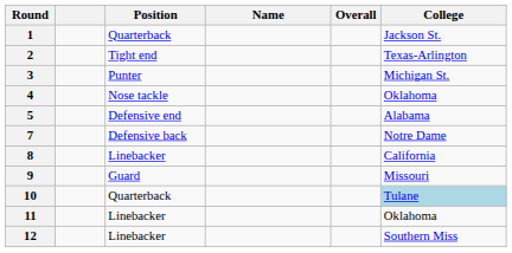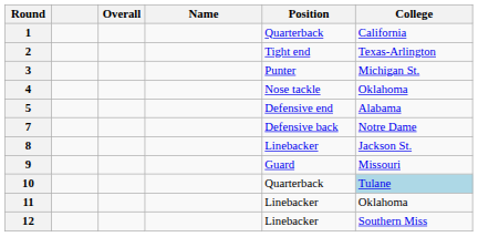 <table class="wikitable sortable" style="width: 50%;">
 <tr>
 <th scope="col" style="width: 10%;">Round</th>
 <th scope="col" style="width: 10%;"></th>
+<th scope="col" style="width: 10%;">Overall</th>
+<th scope="col" style="width: 25%;">Name</th>
 <th scope="col" style="width: 20%;">Position</th>
-<th scope="col" style="width: 25%;">Name</th>
-<th scope="col" style="width: 10%;">Overall</th>
 <th scope="col" style="width: 25%;">College</th>
 </tr>
 <tr>
 <th scope="row">1</th>
 <td></td>
-<td><a href='#'>Quarterback</a></td>
 <td></td>
 <td></td>
-<td><a href='#'>Jackson St.</a></td>
+<td><a href='#'>Quarterback</a></td>
+<td><a href='#'>California</a></td>
 </tr>
 <tr>
 <th scope="row">2</th>
 <td></td>
-<td><a href='#'>Tight end</a></td>
 <td></td>
 <td></td>
+<td><a href='#'>Tight end</a></td>
 <td><a href='#'>Texas-Arlington</a></td>
 </tr>
 <tr>
 <th scope="row">3</th>
 <td></td>
-<td><a href='#'>Punter</a></td>
 <td></td>
 <td></td>
+<td><a href='#'>Punter</a></td>
 <td><a href='#'>Michigan St.</a></td>
 </tr>
 <tr>
 <th scope="row">4</th>
 <td></td>
-<td><a href='#'>Nose tackle</a></td>
 <td></td>
 <td></td>
+<td><a href='#'>Nose tackle</a></td>
 <td><a href='#'>Oklahoma</a></td>
 </tr>
 <tr>
 <th scope="row">5</th>
 <td></td>
-<td><a href='#'>Defensive end</a></td>
 <td></td>
 <td></td>
+<td><a href='#'>Defensive end</a></td>
 <td><a href='#'>Alabama</a></td>
 </tr>
 <tr>
 <th scope="row">7</th>
 <td></td>
-<td><a href='#'>Defensive back</a></td>
 <td></td>
 <td></td>
+<td><a href='#'>Defensive back</a></td>
 <td><a href='#'>Notre Dame</a></td>
 </tr>
 <tr>
 <th scope="row">8</th>
 <td></td>
-<td><a href='#'>Linebacker</a></td>
 <td></td>
 <td></td>
-<td><a href='#'>California</a></td>
+<td><a href='#'>Linebacker</a></td>
+<td><a href='#'>Jackson St.</a></td>
 </tr>
 <tr>
 <th scope="row">9</th>
 <td></td>
-<td><a href='#'>Guard</a></td>
 <td></td>
 <td></td>
+<td><a href='#'>Guard</a></td>
 <td><a href='#'>Missouri</a></td>
 </tr>
 <tr>
 <th scope="row">10</th>
 <td></td>
-<td>Quarterback</td>
 <td></td>
 <td></td>
+<td>Quarterback</td>
 <td style="background: lightblue;"><a href='#'>Tulane</a></td>
 </tr>
 <tr>
 <th scope="row">11</th>
 <td></td>
-<td>Linebacker</td>
 <td></td>
 <td></td>
+<td>Linebacker</td>
 <td>Oklahoma</td>
 </tr>
 <tr>
 <th scope="row">12</th>
 <td></td>
-<td>Linebacker</td>
 <td></td>
 <td></td>
+<td>Linebacker</td>
 <td><a href='#'>Southern Miss</a></td>
 </tr>
 </table>
